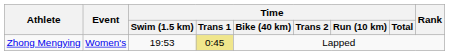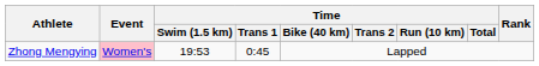 <table class="wikitable" style="font-size:90%">
 <tr>
 <th rowspan=2>Athlete</th>
 <th rowspan=2>Event</th>
 <th colspan=6>Time</th>
 <th rowspan=2>Rank</th>
 </tr>
 <tr style="font-size:95%">
 <th>Swim (1.5 km)</th>
 <th>Trans 1</th>
 <th>Bike (40 km)</th>
 <th>Trans 2</th>
 <th>Run (10 km)</th>
 <th>Total</th>
 </tr>
 <tr align=center>
 <td align=left><a href='#'>Zhong Mengying</a></td>
-<td align=left><a href='#'>Women's</a></td>
+<td align=left style="background: pink;"><a href='#'>Women's</a></td>
 <td>19:53</td>
-<td style="background: khaki;">0:45</td>
+<td>0:45</td>
 <td colspan=5>Lapped</td>
 </tr>
 </table>
